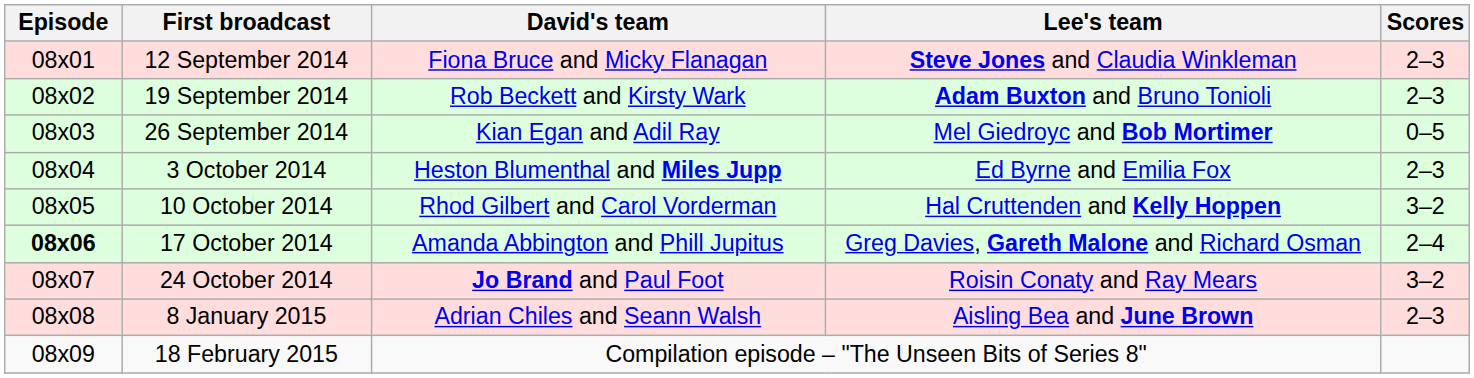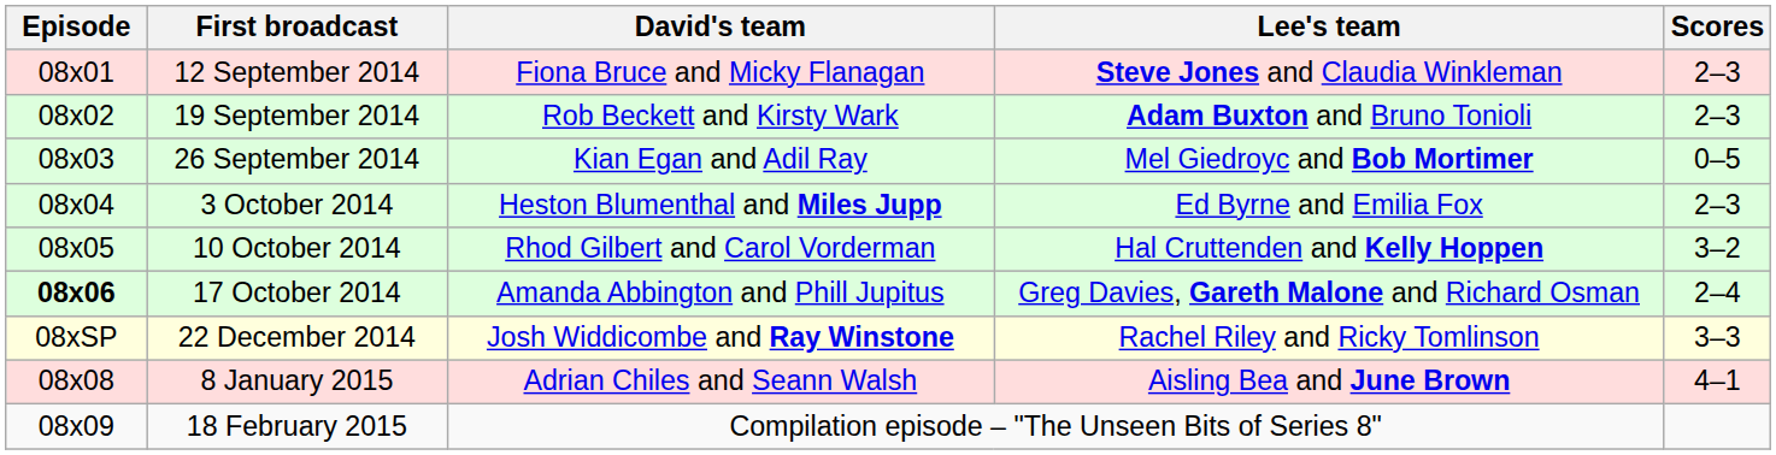 <table class="wikitable"  style="width:80%; left:0 auto; text-align:center;">
 <tr>
 <th style="width:8%;">Episode</th>
 <th style="width:17%;">First broadcast</th>
 <th style="width:31%;">David's team</th>
 <th style="width:38%;">Lee's team</th>
 <th style="width:6%;">Scores</th>
 </tr>
 <tr style="background:#fdd;">
 <td>08x01</td>
 <td>12 September 2014</td>
 <td><a href='#'>Fiona Bruce</a> and <a href='#'>Micky Flanagan</a></td>
 <td><strong><a href='#'>Steve Jones</a></strong> and <a href='#'>Claudia Winkleman</a></td>
 <td>2–3</td>
 </tr>
 <tr style="background:#dfd;">
 <td>08x02</td>
 <td>19 September 2014</td>
 <td><a href='#'>Rob Beckett</a> and <a href='#'>Kirsty Wark</a></td>
 <td><strong><a href='#'>Adam Buxton</a></strong> and <a href='#'>Bruno Tonioli</a></td>
 <td>2–3</td>
 </tr>
 <tr style="background:#dfd;">
 <td>08x03</td>
 <td>26 September 2014</td>
 <td><a href='#'>Kian Egan</a> and <a href='#'>Adil Ray</a></td>
 <td><a href='#'>Mel Giedroyc</a> and <strong><a href='#'>Bob Mortimer</a></strong></td>
 <td>0–5</td>
 </tr>
 <tr style="background:#dfd;">
 <td>08x04</td>
 <td>3 October 2014</td>
 <td><a href='#'>Heston Blumenthal</a> and <strong><a href='#'>Miles Jupp</a></strong></td>
 <td><a href='#'>Ed Byrne</a> and <a href='#'>Emilia Fox</a></td>
 <td>2–3</td>
 </tr>
 <tr style="background:#dfd;">
 <td>08x05</td>
 <td>10 October 2014</td>
 <td><a href='#'>Rhod Gilbert</a> and <a href='#'>Carol Vorderman</a></td>
 <td><a href='#'>Hal Cruttenden</a> and <strong><a href='#'>Kelly Hoppen</a></strong></td>
 <td>3–2</td>
 </tr>
 <tr style="background:#dfd;">
 <td><strong>08x06</strong></td>
 <td>17 October 2014</td>
 <td><a href='#'>Amanda Abbington</a> and <a href='#'>Phill Jupitus</a></td>
 <td><a href='#'>Greg Davies</a>, <strong><a href='#'>Gareth Malone</a></strong> and <a href='#'>Richard Osman</a></td>
 <td>2–4</td>
 </tr>
-<tr style="background:#fdd;">
-<td>08x07</td>
-<td>24 October 2014</td>
-<td><strong><a href='#'>Jo Brand</a></strong> and <a href='#'>Paul Foot</a></td>
-<td><a href='#'>Roisin Conaty</a> and <a href='#'>Ray Mears</a></td>
-<td>3–2</td>
+<tr style="background:#ffd;">
+<td>08xSP</td>
+<td>22 December 2014</td>
+<td><a href='#'>Josh Widdicombe</a> and <strong><a href='#'>Ray Winstone</a></strong></td>
+<td><a href='#'>Rachel Riley</a> and <a href='#'>Ricky Tomlinson</a></td>
+<td>3–3</td>
 </tr>
 <tr style="background:#fdd;">
 <td>08x08</td>
 <td>8 January 2015</td>
 <td><a href='#'>Adrian Chiles</a> and <a href='#'>Seann Walsh</a></td>
 <td><a href='#'>Aisling Bea</a> and <strong><a href='#'>June Brown</a></strong></td>
-<td>2–3</td>
+<td>4–1</td>
 </tr>
 <tr>
 <td>08x09</td>
 <td>18 February 2015</td>
 <td colspan="2">Compilation episode – "The Unseen Bits of Series 8"</td>
 <td></td>
 </tr>
 </table>
